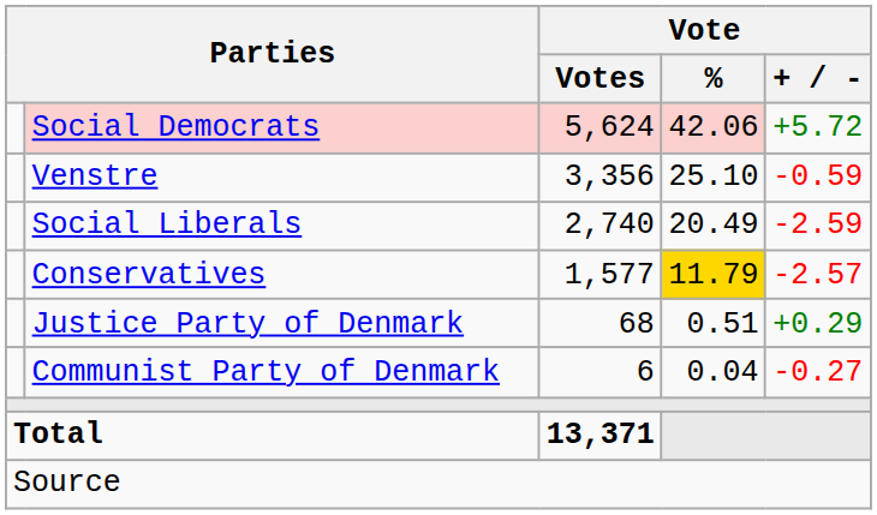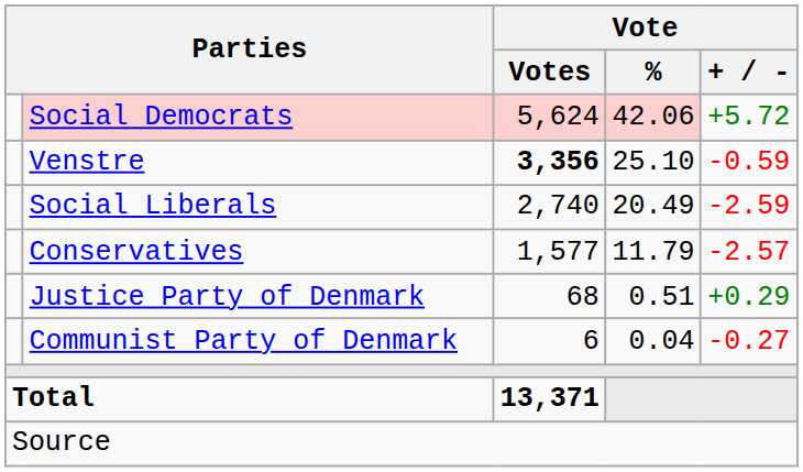 <table class="wikitable" style="text-align:right;">
 <tr>
 <th style="text-align:centre;" rowspan="2" colspan="2" width="225">Parties</th>
 <th colspan="3">Vote</th>
 </tr>
 <tr>
 <th width="15">Votes</th>
 <th width="15">%</th>
 <th width="15">+ / -</th>
 </tr>
 <tr>
 <td width="2" style="color:inherit;background:"></td>
 <td bgcolor=#fbd0ce  align="left"><a href='#'>Social Democrats</a></td>
 <td bgcolor=#fbd0ce>5,624</td>
 <td bgcolor=#fbd0ce>42.06</td>
 <td style=color:green;>+5.72</td>
 </tr>
 <tr>
 <td width="2" style="color:inherit;background:"></td>
 <td align="left"><a href='#'>Venstre</a></td>
-<td>3,356</td>
+<td><strong>3,356</strong></td>
 <td>25.10</td>
 <td style=color:red;>-0.59</td>
 </tr>
 <tr>
 <td width="2" style="color:inherit;background:"></td>
 <td align="left"><a href='#'>Social Liberals</a></td>
 <td>2,740</td>
 <td>20.49</td>
 <td style=color:red;>-2.59</td>
 </tr>
 <tr>
 <td width="2" style="color:inherit;background:"></td>
 <td align="left"><a href='#'>Conservatives</a></td>
 <td>1,577</td>
-<td style="background: gold;">11.79</td>
+<td>11.79</td>
 <td style=color:red;>-2.57</td>
 </tr>
 <tr>
 <td width="2" style="color:inherit;background:"></td>
 <td align="left"><a href='#'>Justice Party of Denmark</a></td>
 <td>68</td>
 <td>0.51</td>
 <td style=color:green;>+0.29</td>
 </tr>
 <tr>
 <td width="2" style="color:inherit;background:"></td>
 <td align="left"><a href='#'>Communist Party of Denmark</a></td>
 <td>6</td>
 <td>0.04</td>
 <td style=color:red;>-0.27</td>
 </tr>
 <tr>
 <td colspan="7" bgcolor="#E9E9E9"></td>
 </tr>
 <tr>
 <td align="left" colspan="2"><strong>Total</strong></td>
 <td><strong>13,371</strong></td>
 <td bgcolor="#E9E9E9" colspan="2"></td>
 </tr>
 <tr>
 <td align="left" colspan="6">Source</td>
 </tr>
 </table>
